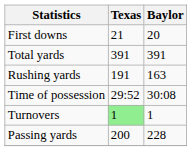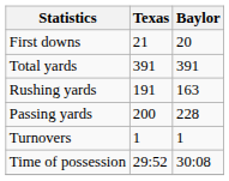 <table class="wikitable" style="float: right;">
 <tr>
 <th>Statistics</th>
 <th>Texas</th>
 <th>Baylor</th>
 </tr>
 <tr>
 <td>First downs</td>
 <td>21</td>
 <td>20</td>
 </tr>
 <tr>
 <td>Total yards</td>
 <td>391</td>
 <td>391</td>
 </tr>
 <tr>
 <td>Rushing yards</td>
 <td>191</td>
 <td>163</td>
 </tr>
 <tr>
+<td>Passing yards</td>
+<td>200</td>
+<td>228</td>
+</tr>
+<tr>
+<td>Turnovers</td>
+<td>1</td>
+<td>1</td>
+</tr>
+<tr>
 <td>Time of possession</td>
 <td>29:52</td>
 <td>30:08</td>
 </tr>
 <tr>
-<td>Turnovers</td>
-<td style="background: lightgreen;">1</td>
-<td>1</td>
-</tr>
-<tr>
-<td>Passing yards</td>
-<td>200</td>
-<td>228</td>
-</tr>
-<tr>
 </tr>
 </table>
